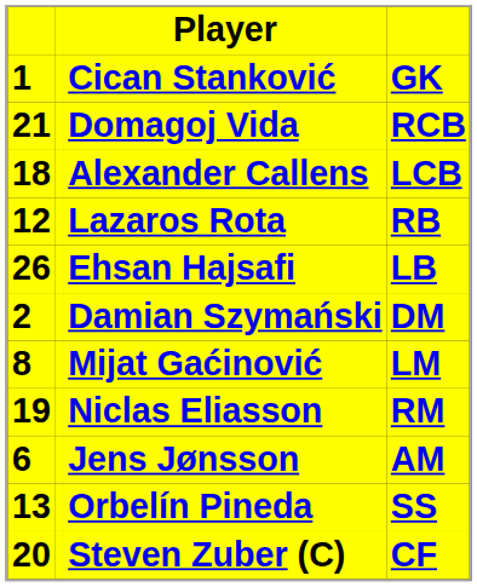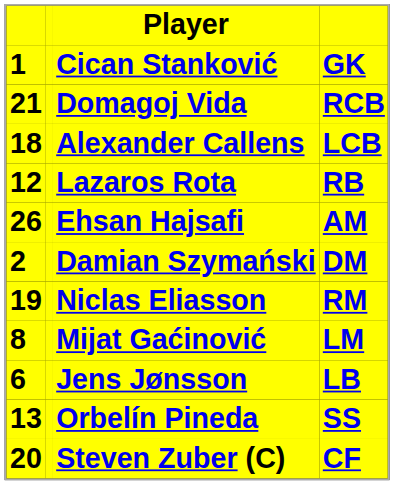 <table class="toccolours" border="0" cellpadding="2" cellspacing="0" align="center" style="margin: 0.5em 0 1em 1em; background: #000000; border: 1px #aaaaaa solid;">
 <tr bgcolor=#FFFF00>
 <th></th>
 <th></th>
 <th>Player</th>
 <th></th>
 </tr>
 <tr bgcolor=#FFFF00>
 <td><strong>1</strong></td>
 <td></td>
 <td><a href='#'><span><strong>Cican Stanković</strong></span></a></td>
 <td><a href='#'><strong>GK</strong></a></td>
 </tr>
 <tr bgcolor=#FFFF00>
 <td><strong>21</strong></td>
 <td></td>
 <td><a href='#'><span><strong>Domagoj Vida</strong></span></a></td>
 <td><a href='#'><strong>RCB</strong></a></td>
 </tr>
 <tr bgcolor=#FFFF00>
 <td><strong>18</strong></td>
 <td></td>
 <td><a href='#'><span><strong>Alexander Callens</strong></span></a></td>
 <td><a href='#'><strong>LCB</strong></a></td>
 </tr>
 <tr bgcolor=#FFFF00>
 <td><strong>12</strong></td>
 <td></td>
 <td><a href='#'><span><strong>Lazaros Rota</strong></span></a></td>
 <td><a href='#'><strong>RB</strong></a></td>
 </tr>
 <tr bgcolor=#FFFF00>
 <td><strong>26</strong></td>
 <td></td>
 <td><a href='#'><span><strong>Ehsan Hajsafi</strong></span></a></td>
-<td><a href='#'><strong>LB</strong></a></td>
+<td><a href='#'><strong>AM</strong></a></td>
 </tr>
 <tr bgcolor=#FFFF00>
 <td><strong>2</strong></td>
 <td></td>
 <td><a href='#'><span><strong>Damian Szymański</strong></span></a></td>
 <td><a href='#'><strong>DM</strong></a></td>
 </tr>
 <tr bgcolor=#FFFF00>
+<td><strong>19</strong></td>
+<td></td>
+<td><a href='#'><span><strong>Niclas Eliasson</strong></span></a></td>
+<td><a href='#'><strong>RM</strong></a></td>
+</tr>
+<tr bgcolor=#FFFF00>
 <td><strong>8</strong></td>
 <td></td>
 <td><a href='#'><span><strong>Mijat Gaćinović</strong></span></a></td>
 <td><a href='#'><strong>LM</strong></a></td>
 </tr>
 <tr bgcolor=#FFFF00>
-<td><strong>19</strong></td>
-<td></td>
-<td><a href='#'><span><strong>Niclas Eliasson</strong></span></a></td>
-<td><a href='#'><strong>RM</strong></a></td>
-</tr>
-<tr bgcolor=#FFFF00>
 <td><strong>6</strong></td>
 <td></td>
 <td><a href='#'><span><strong>Jens Jønsson</strong></span></a></td>
-<td><a href='#'><strong>AM</strong></a></td>
+<td><a href='#'><strong>LB</strong></a></td>
 </tr>
 <tr bgcolor=#FFFF00>
 <td><strong>13</strong></td>
 <td></td>
 <td><a href='#'><span><strong>Orbelín Pineda</strong></span></a></td>
 <td><a href='#'><strong>SS</strong></a></td>
 </tr>
 <tr bgcolor=#FFFF00>
 <td><strong>20</strong></td>
 <td></td>
 <td><a href='#'><span><strong>Steven Zuber</strong></span></a> <strong>(C)</strong></td>
 <td><a href='#'><strong>CF</strong></a></td>
 </tr>
 </table>
